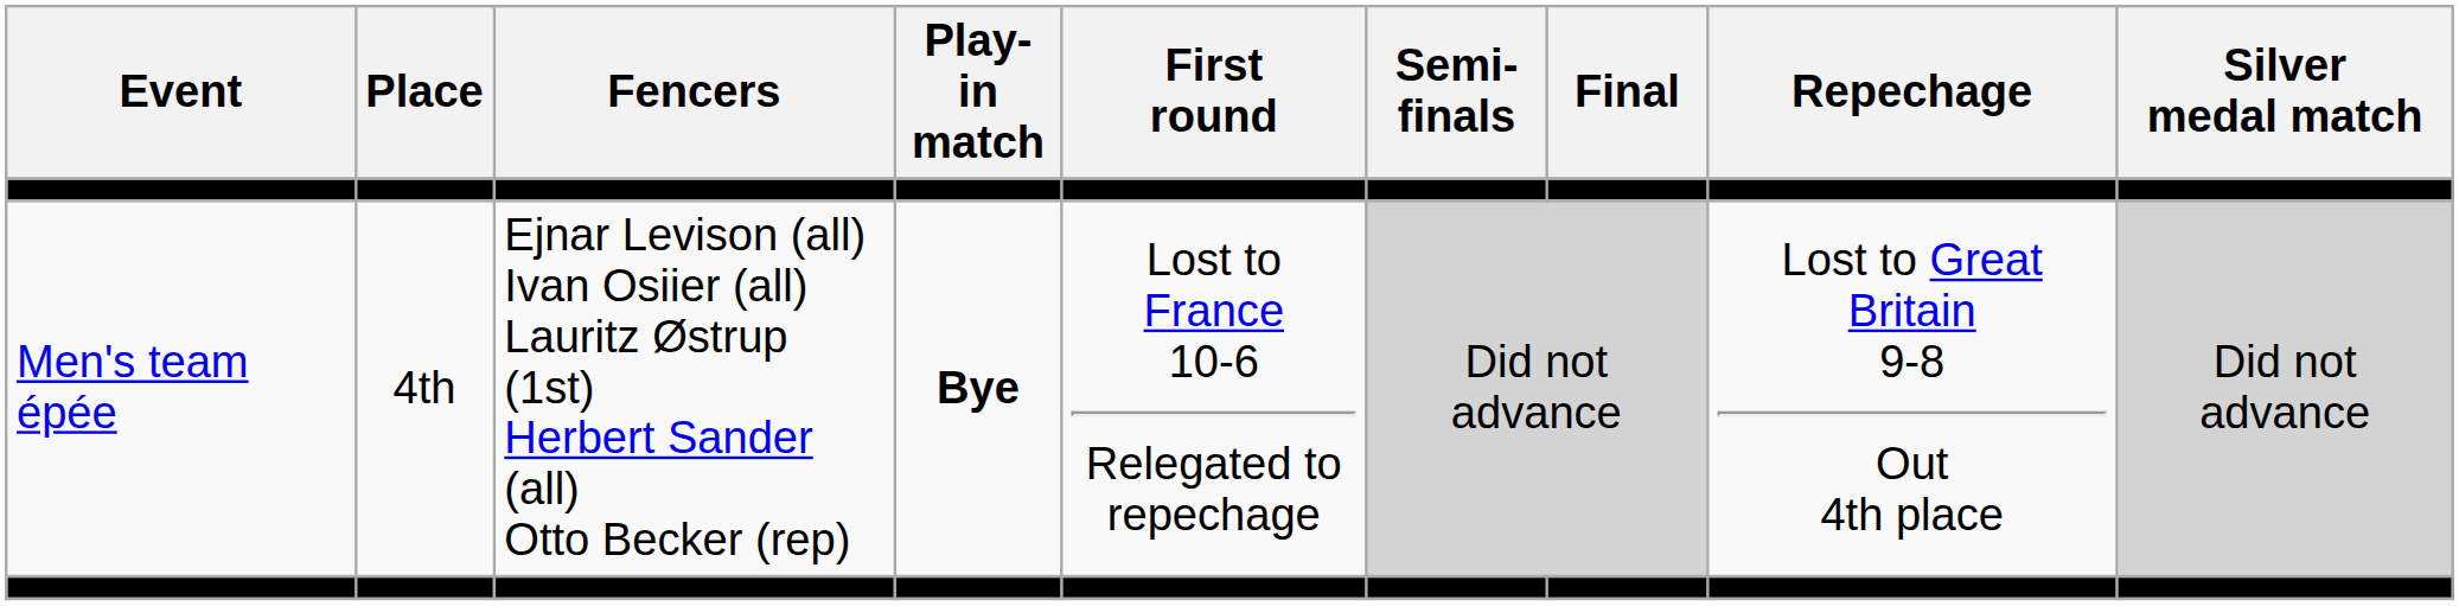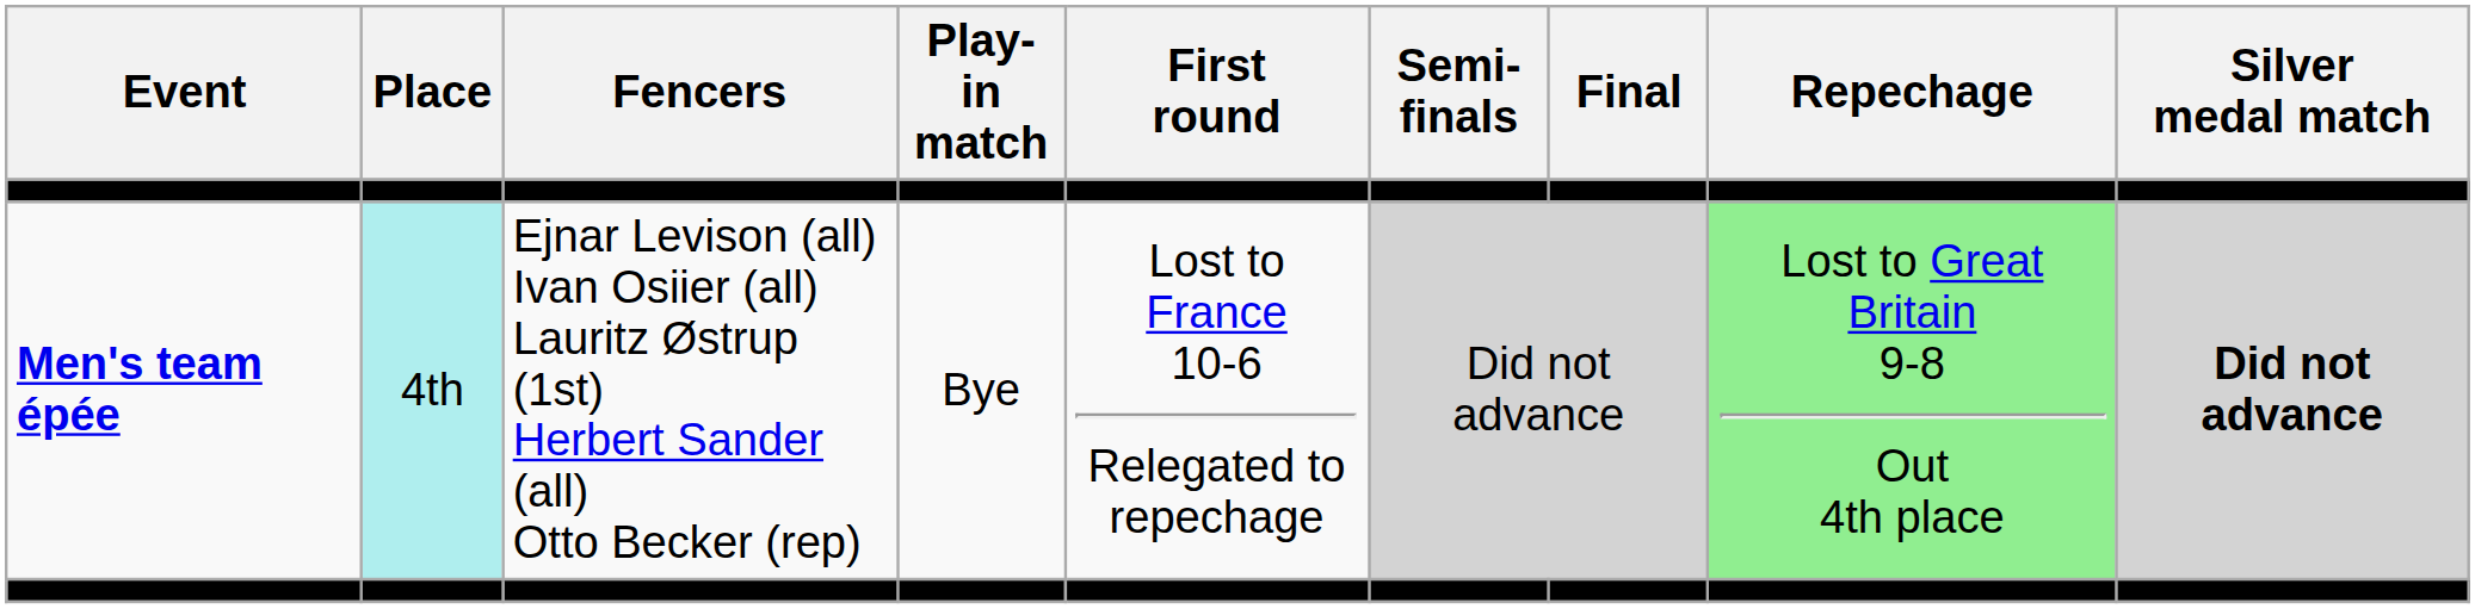 <table class=wikitable>
 <tr>
 <th>Event</th>
 <th>Place</th>
 <th>Fencers</th>
 <th>Play-in <br> match</th>
 <th>First <br> round</th>
 <th>Semi-<br>finals</th>
 <th>Final</th>
 <th>Repechage</th>
 <th>Silver <br> medal match</th>
 </tr>
 <tr bgcolor=black>
 <td></td>
 <td></td>
 <td></td>
 <td></td>
 <td></td>
 <td></td>
 <td></td>
 <td></td>
 <td></td>
 </tr>
 <tr align=center>
-<td align=left><a href='#'>Men's team épée</a></td>
-<td>4th</td>
+<td align=left><strong><a href='#'>Men's team épée</a></strong></td>
+<td style="background: paleturquoise;">4th</td>
 <td align=left>Ejnar Levison (all) <br> Ivan Osiier (all) <br> Lauritz Østrup (1st) <br> <a href='#'>Herbert Sander</a> (all) <br> Otto Becker (rep)</td>
-<td><strong>Bye</strong></td>
+<td>Bye</td>
 <td>Lost to <a href='#'>France</a> <br> 10-6 <hr> Relegated to <br> repechage</td>
 <td colspan=2 bgcolor=lightgray>Did not advance</td>
-<td>Lost to <a href='#'>Great Britain</a> <br> 9-8 <hr> Out <br> 4th place</td>
-<td bgcolor=lightgray>Did not advance</td>
+<td style="background: lightgreen;">Lost to <a href='#'>Great Britain</a> <br> 9-8 <hr> Out <br> 4th place</td>
+<td bgcolor=lightgray><strong>Did not advance</strong></td>
 </tr>
 <tr bgcolor=black>
 <td></td>
 <td></td>
 <td></td>
 <td></td>
 <td></td>
 <td></td>
 <td></td>
 <td></td>
 <td></td>
 </tr>
 </table>
